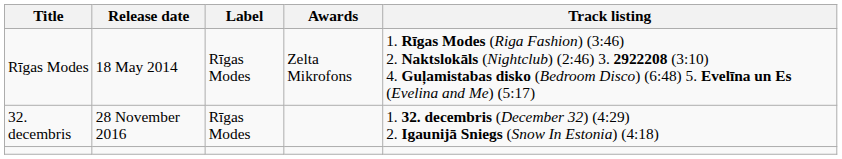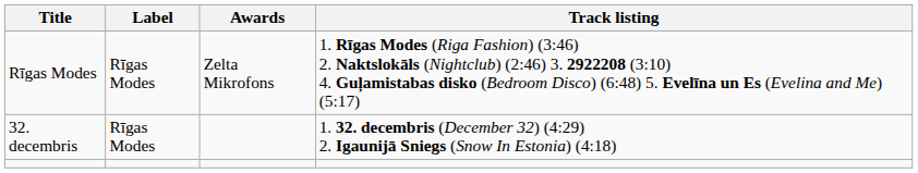 <table class="wikitable">
 <tr>
 <th>Title</th>
-<th>Release date</th>
 <th>Label</th>
 <th>Awards</th>
 <th>Track listing</th>
 </tr>
 <tr>
 <td>Rīgas Modes</td>
-<td>18 May 2014</td>
 <td>Rīgas Modes</td>
 <td>Zelta Mikrofons</td>
 <td>1. <strong>Rīgas Modes</strong> (<em>Riga Fashion</em>) (3:46)<br>2. <strong>Naktslokāls</strong> (<em>Nightclub</em>) (2:46) 3. <strong>2922208</strong> (3:10)<br>4. <strong>Guļamistabas disko</strong> (<em>Bedroom Disco</em>) (6:48) 5. <strong>Evelīna un Es</strong> (<em>Evelina and Me</em>) (5:17)</td>
 </tr>
 <tr>
 <td>32. decembris</td>
-<td>28 November 2016</td>
 <td>Rīgas Modes</td>
 <td></td>
 <td>1. <strong>32. decembris</strong> (<em>December 32</em>) (4:29)<br>2. <strong>Igaunijā Sniegs</strong> (<em>Snow In Estonia</em>) (4:18)</td>
 </tr>
 <tr>
 <td></td>
 <td></td>
 <td></td>
 <td></td>
-<td></td>
 </tr>
 </table>
